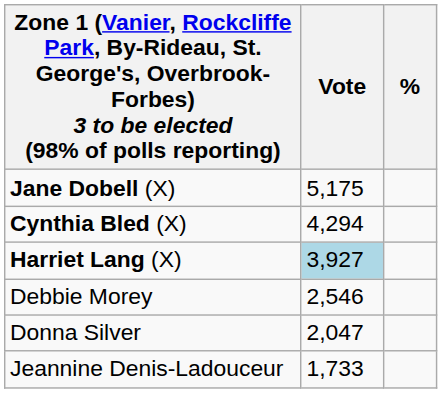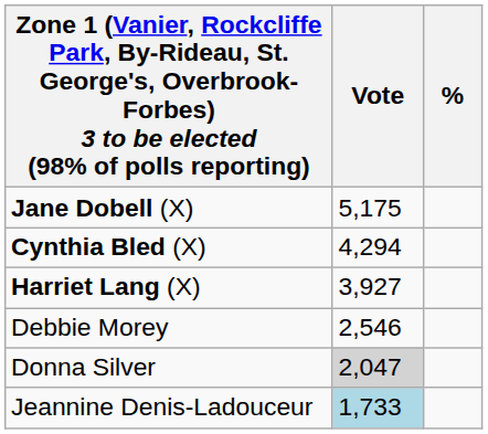 <table class="wikitable">
 <tr>
 <th bgcolor="#DDDDFF" width="200px">Zone 1 (<a href='#'>Vanier</a>, <a href='#'>Rockcliffe Park</a>, By-Rideau, St. George's, Overbrook-Forbes) <br> <em>3 to be elected</em> <br> (98% of polls reporting)</th>
 <th bgcolor="#DDDDFF" width="50px">Vote</th>
 <th bgcolor="#DDDDFF" width="30px">%</th>
 </tr>
 <tr>
 <td><strong>Jane Dobell</strong> (X)</td>
 <td>5,175</td>
 <td></td>
 </tr>
 <tr>
 <td><strong>Cynthia Bled</strong> (X)</td>
 <td>4,294</td>
 <td></td>
 </tr>
 <tr>
 <td><strong>Harriet Lang</strong> (X)</td>
-<td style="background: lightblue;">3,927</td>
+<td>3,927</td>
 <td></td>
 </tr>
 <tr>
 <td>Debbie Morey</td>
 <td>2,546</td>
 <td></td>
 </tr>
 <tr>
 <td>Donna Silver</td>
-<td>2,047</td>
+<td style="background: lightgrey;">2,047</td>
 <td></td>
 </tr>
 <tr>
 <td>Jeannine Denis-Ladouceur</td>
-<td>1,733</td>
+<td style="background: lightblue;">1,733</td>
 </tr>
 </table>
